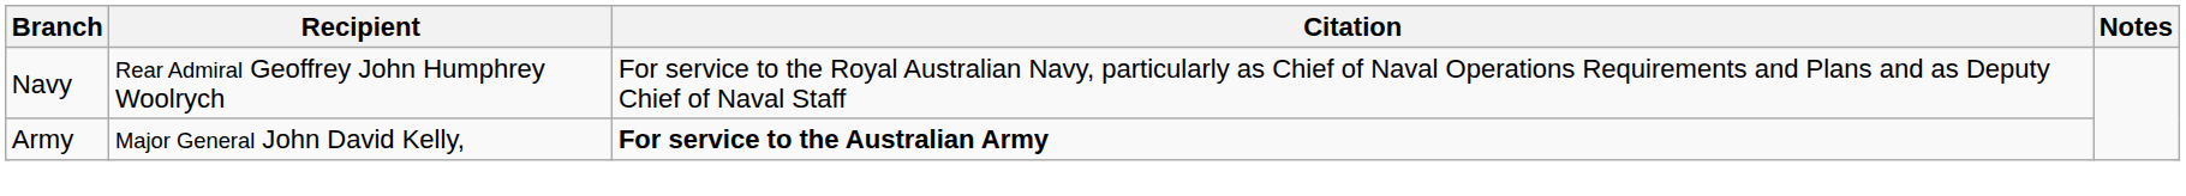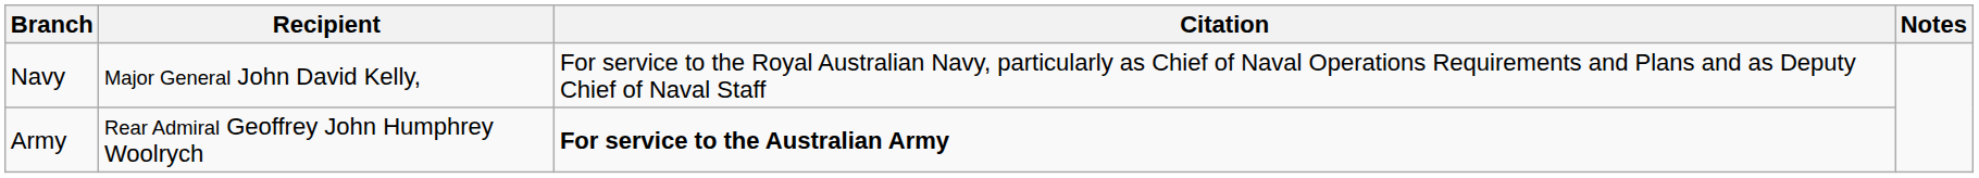 <table class="wikitable" style="font-size:95%;">
 <tr>
 <th>Branch</th>
 <th>Recipient</th>
 <th>Citation</th>
 <th>Notes</th>
 </tr>
 <tr>
 <td>Navy</td>
-<td><small>Rear Admiral</small> Geoffrey John Humphrey Woolrych</td>
+<td><small>Major General</small> John David Kelly, </td>
 <td>For service to the Royal Australian Navy, particularly as Chief of Naval Operations Requirements and Plans and as Deputy Chief of Naval Staff</td>
 <td rowspan="2"></td>
 </tr>
 <tr>
 <td>Army</td>
-<td><small>Major General</small> John David Kelly, </td>
+<td><small>Rear Admiral</small> Geoffrey John Humphrey Woolrych</td>
 <td><strong>For service to the Australian Army</strong></td>
 </tr>
 </table>
